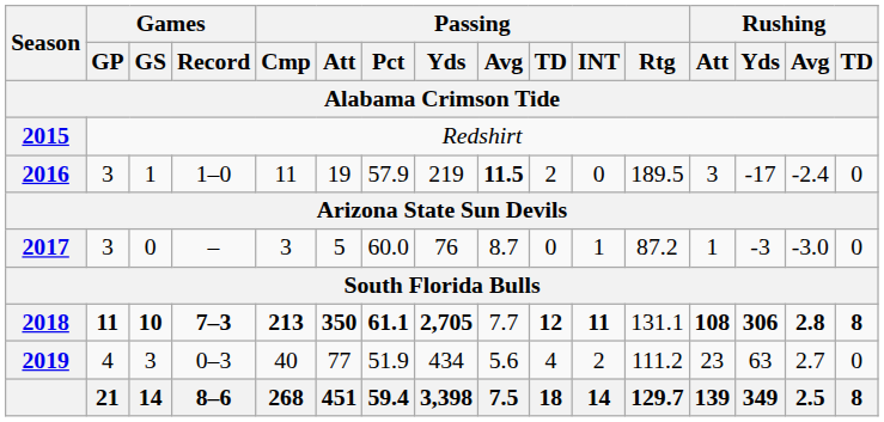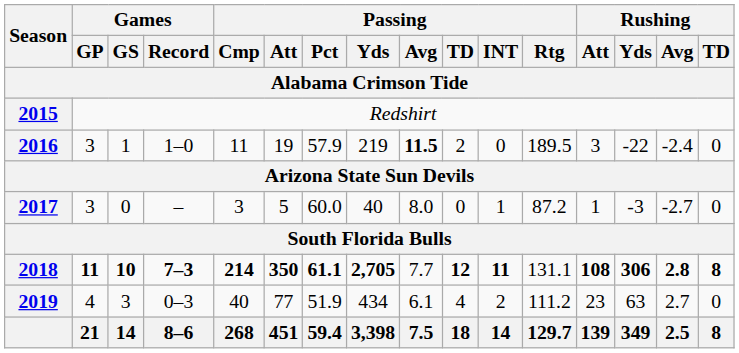 <table class="wikitable" style="text-align:center;">
 <tr>
 <th rowspan="2">Season</th>
 <th colspan="3">Games</th>
 <th colspan="8">Passing</th>
 <th colspan="4">Rushing</th>
 </tr>
 <tr>
 <th>GP</th>
 <th>GS</th>
 <th>Record</th>
 <th>Cmp</th>
 <th>Att</th>
 <th>Pct</th>
 <th>Yds</th>
 <th>Avg</th>
 <th>TD</th>
 <th>INT</th>
 <th>Rtg</th>
 <th>Att</th>
 <th>Yds</th>
 <th>Avg</th>
 <th>TD</th>
 </tr>
 <tr>
 <th colspan="16">Alabama Crimson Tide</th>
 </tr>
 <tr>
 <th><a href='#'>2015</a></th>
 <td colspan="15"><em> Redshirt</em></td>
 </tr>
 <tr>
 <th><a href='#'>2016</a></th>
 <td>3</td>
 <td>1</td>
 <td>1–0</td>
 <td>11</td>
 <td>19</td>
 <td>57.9</td>
 <td>219</td>
 <td><strong>11.5</strong></td>
 <td>2</td>
 <td>0</td>
 <td>189.5</td>
 <td>3</td>
-<td>-17</td>
+<td>-22</td>
 <td>-2.4</td>
 <td>0</td>
 </tr>
 <tr>
 <th colspan="16">Arizona State Sun Devils</th>
 </tr>
 <tr>
 <th><a href='#'>2017</a></th>
 <td>3</td>
 <td>0</td>
 <td>–</td>
 <td>3</td>
 <td>5</td>
 <td>60.0</td>
-<td>76</td>
-<td>8.7</td>
+<td>40</td>
+<td>8.0</td>
 <td>0</td>
 <td>1</td>
 <td>87.2</td>
 <td>1</td>
 <td>-3</td>
-<td>-3.0</td>
+<td>-2.7</td>
 <td>0</td>
 </tr>
 <tr>
 <th colspan="16">South Florida Bulls</th>
 </tr>
 <tr>
 <th><a href='#'>2018</a></th>
 <td><strong>11</strong></td>
 <td><strong>10</strong></td>
 <td><strong>7–3</strong></td>
-<td><strong>213</strong></td>
+<td><strong>214</strong></td>
 <td><strong>350</strong></td>
 <td><strong>61.1</strong></td>
 <td><strong>2,705</strong></td>
 <td>7.7</td>
 <td><strong>12</strong></td>
 <td><strong>11</strong></td>
 <td>131.1</td>
 <td><strong>108</strong></td>
 <td><strong>306</strong></td>
 <td><strong>2.8</strong></td>
 <td><strong>8</strong></td>
 </tr>
 <tr>
 <th><a href='#'>2019</a></th>
 <td>4</td>
 <td>3</td>
 <td>0–3</td>
 <td>40</td>
 <td>77</td>
 <td>51.9</td>
 <td>434</td>
-<td>5.6</td>
+<td>6.1</td>
 <td>4</td>
 <td>2</td>
 <td>111.2</td>
 <td>23</td>
 <td>63</td>
 <td>2.7</td>
 <td>0</td>
 </tr>
 <tr>
 <th></th>
 <th>21</th>
 <th>14</th>
 <th>8–6</th>
 <th>268</th>
 <th>451</th>
 <th>59.4</th>
 <th>3,398</th>
 <th>7.5</th>
 <th>18</th>
 <th>14</th>
 <th>129.7</th>
 <th>139</th>
 <th>349</th>
 <th>2.5</th>
 <th>8</th>
 </tr>
 </table>
